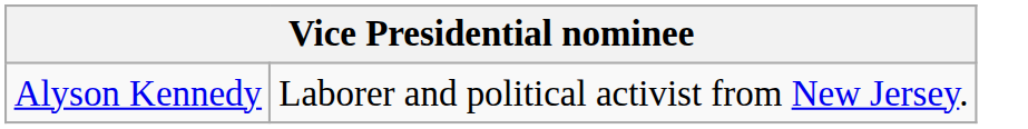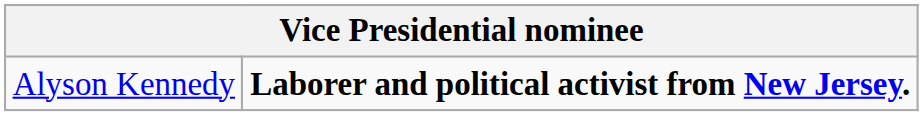 <table class=wikitable>
 <tr>
 <th colspan=3>Vice Presidential nominee</th>
 </tr>
 <tr>
 <td><a href='#'>Alyson Kennedy</a></td>
-<td>Laborer and political activist from <a href='#'>New Jersey</a>.</td>
+<td><strong>Laborer and political activist from <a href='#'>New Jersey</a>.</strong></td>
 </tr>
 </table>
